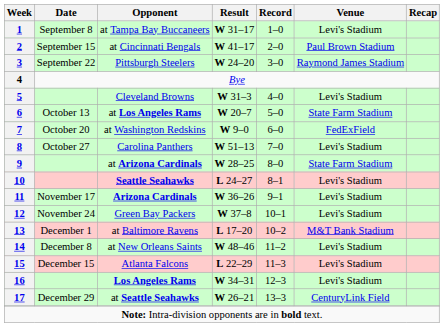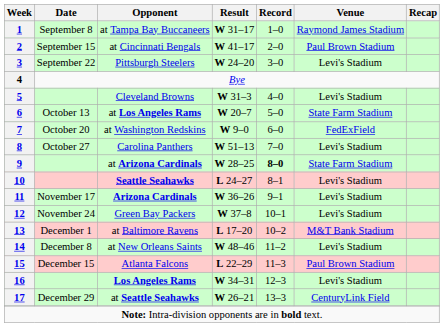 <table class="wikitable" style="text-align:center">
 <tr>
 <th>Week</th>
 <th>Date</th>
 <th>Opponent</th>
 <th>Result</th>
 <th>Record</th>
 <th>Venue</th>
 <th>Recap</th>
 </tr>
 <tr style="background:#cfc">
 <th><a href='#'>1</a></th>
 <td>September 8</td>
 <td>at <a href='#'>Tampa Bay Buccaneers</a></td>
 <td><strong>W</strong> 31–17</td>
 <td>1–0</td>
-<td>Levi's Stadium</td>
+<td><a href='#'>Raymond James Stadium</a></td>
 <td></td>
 </tr>
 <tr style="background:#cfc">
 <th><a href='#'>2</a></th>
 <td>September 15</td>
 <td>at <a href='#'>Cincinnati Bengals</a></td>
 <td><strong>W</strong> 41–17</td>
 <td>2–0</td>
 <td><a href='#'>Paul Brown Stadium</a></td>
 <td></td>
 </tr>
 <tr style="background:#cfc">
 <th><a href='#'>3</a></th>
 <td>September 22</td>
 <td><a href='#'>Pittsburgh Steelers</a></td>
 <td><strong>W</strong> 24–20</td>
 <td>3–0</td>
-<td><a href='#'>Raymond James Stadium</a></td>
+<td>Levi's Stadium</td>
 <td></td>
 </tr>
 <tr>
 <th>4</th>
 <td colspan="6"><em><a href='#'>Bye</a></em></td>
 </tr>
 <tr style="background:#cfc">
 <th><a href='#'>5</a></th>
 <td></td>
 <td><a href='#'>Cleveland Browns</a></td>
 <td><strong>W</strong> 31–3</td>
 <td>4–0</td>
 <td>Levi's Stadium</td>
 <td></td>
 </tr>
 <tr style="background:#cfc">
 <th><a href='#'>6</a></th>
 <td>October 13</td>
 <td>at <strong><a href='#'>Los Angeles Rams</a></strong></td>
 <td><strong>W</strong> 20–7</td>
 <td>5–0</td>
 <td><a href='#'>State Farm Stadium</a></td>
 <td></td>
 </tr>
 <tr style="background:#cfc">
 <th><a href='#'>7</a></th>
 <td>October 20</td>
 <td>at <a href='#'>Washington Redskins</a></td>
 <td><strong>W</strong> 9–0</td>
 <td>6–0</td>
 <td><a href='#'>FedExField</a></td>
 <td></td>
 </tr>
 <tr style="background:#cfc">
 <th><a href='#'>8</a></th>
 <td>October 27</td>
 <td><a href='#'>Carolina Panthers</a></td>
 <td><strong>W</strong> 51–13</td>
 <td>7–0</td>
 <td>Levi's Stadium</td>
 <td></td>
 </tr>
 <tr style="background:#cfc">
 <th><a href='#'>9</a></th>
 <td></td>
 <td>at <strong><a href='#'>Arizona Cardinals</a></strong></td>
 <td><strong>W</strong> 28–25</td>
-<td>8–0</td>
+<td><strong>8–0</strong></td>
 <td><a href='#'>State Farm Stadium</a></td>
 <td></td>
 </tr>
 <tr style="background:#fcc">
 <th><a href='#'>10</a></th>
 <td></td>
 <td><strong><a href='#'>Seattle Seahawks</a></strong></td>
 <td><strong>L</strong> 24–27 </td>
 <td>8–1</td>
 <td>Levi's Stadium</td>
 <td></td>
 </tr>
 <tr style="background:#cfc">
 <th><a href='#'>11</a></th>
 <td>November 17</td>
 <td><strong><a href='#'>Arizona Cardinals</a></strong></td>
 <td><strong>W</strong> 36–26</td>
 <td>9–1</td>
 <td>Levi's Stadium</td>
 <td></td>
 </tr>
 <tr style="background:#cfc">
 <th><a href='#'>12</a></th>
 <td>November 24</td>
 <td><a href='#'>Green Bay Packers</a></td>
 <td><strong>W</strong> 37–8</td>
 <td>10–1</td>
 <td>Levi's Stadium</td>
 <td></td>
 </tr>
 <tr style="background:#fcc">
 <th><a href='#'>13</a></th>
 <td>December 1</td>
 <td>at <a href='#'>Baltimore Ravens</a></td>
 <td><strong>L</strong> 17–20</td>
 <td>10–2</td>
 <td><a href='#'>M&T Bank Stadium</a></td>
 <td></td>
 </tr>
 <tr style="background:#cfc">
 <th><a href='#'>14</a></th>
 <td>December 8</td>
 <td>at <a href='#'>New Orleans Saints</a></td>
 <td><strong>W</strong> 48–46</td>
 <td>11–2</td>
 <td>Levi's Stadium</td>
 <td></td>
 </tr>
 <tr style="background:#fcc">
 <th><a href='#'>15</a></th>
 <td>December 15</td>
 <td><a href='#'>Atlanta Falcons</a></td>
 <td><strong>L</strong> 22–29</td>
 <td>11–3</td>
-<td>Levi's Stadium</td>
+<td><a href='#'>Paul Brown Stadium</a></td>
 <td></td>
 </tr>
 <tr style="background:#cfc">
 <th><a href='#'>16</a></th>
 <td></td>
 <td><strong><a href='#'>Los Angeles Rams</a></strong></td>
 <td><strong>W</strong> 34–31</td>
 <td>12–3</td>
 <td>Levi's Stadium</td>
 <td></td>
 </tr>
 <tr style="background:#cfc">
 <th><a href='#'>17</a></th>
 <td>December 29</td>
 <td>at <strong><a href='#'>Seattle Seahawks</a></strong></td>
 <td><strong>W</strong> 26–21</td>
 <td>13–3</td>
 <td><a href='#'>CenturyLink Field</a></td>
 <td></td>
 </tr>
 <tr>
 </tr>
 <tr>
 <td colspan="8"><strong>Note:</strong> Intra-division opponents are in <strong>bold</strong> text.</td>
 </tr>
 </table>
